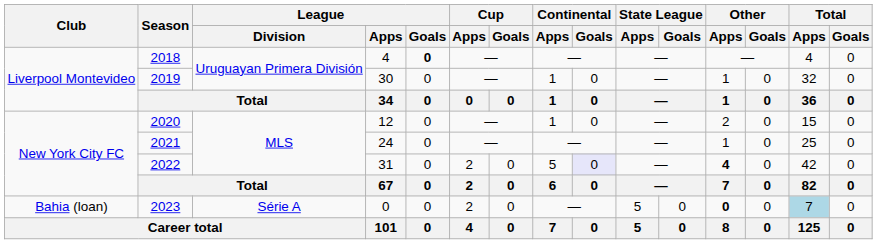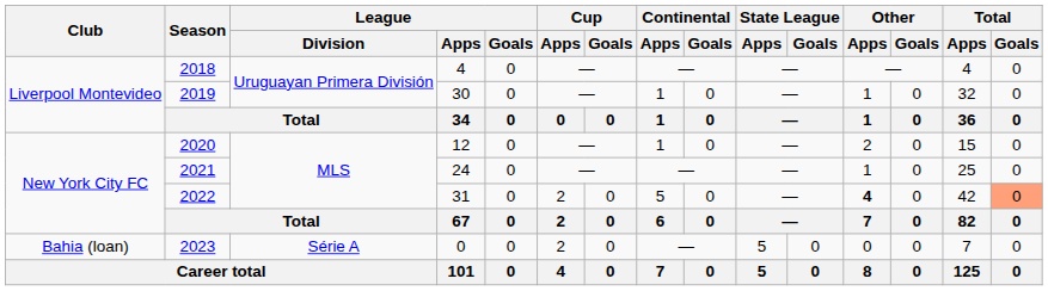 <table class="wikitable" Style="text-align: center">
 <tr>
 <th rowspan="2">Club</th>
 <th rowspan="2">Season</th>
 <th colspan="3">League</th>
 <th colspan="2">Cup</th>
 <th colspan="2">Continental</th>
 <th colspan="2">State League</th>
 <th colspan="2">Other</th>
 <th colspan="2">Total</th>
 </tr>
 <tr>
 <th>Division</th>
 <th>Apps</th>
 <th>Goals</th>
 <th>Apps</th>
 <th>Goals</th>
 <th>Apps</th>
 <th>Goals</th>
 <th>Apps</th>
 <th>Goals</th>
 <th>Apps</th>
 <th>Goals</th>
 <th>Apps</th>
 <th>Goals</th>
 </tr>
 <tr>
 <td rowspan="3"><a href='#'>Liverpool Montevideo</a></td>
 <td><a href='#'>2018</a></td>
 <td rowspan="2"><a href='#'>Uruguayan Primera División</a></td>
 <td>4</td>
-<td><strong>0</strong></td>
+<td>0</td>
 <td colspan="2">—</td>
 <td colspan="2">—</td>
 <td colspan="2">—</td>
 <td colspan="2">—</td>
 <td>4</td>
 <td>0</td>
 </tr>
 <tr>
 <td><a href='#'>2019</a></td>
 <td>30</td>
 <td>0</td>
 <td colspan="2">—</td>
 <td>1</td>
 <td>0</td>
 <td colspan="2">—</td>
 <td>1</td>
 <td>0</td>
 <td>32</td>
 <td>0</td>
 </tr>
 <tr>
 <th colspan="2">Total</th>
 <th>34</th>
 <th>0</th>
 <th>0</th>
 <th>0</th>
 <th>1</th>
 <th>0</th>
 <th colspan="2">—</th>
 <th>1</th>
 <th>0</th>
 <th>36</th>
 <th>0</th>
 </tr>
 <tr>
 <td rowspan="4"><a href='#'>New York City FC</a></td>
 <td><a href='#'>2020</a></td>
 <td rowspan="3"><a href='#'>MLS</a></td>
 <td>12</td>
 <td>0</td>
 <td colspan="2">—</td>
 <td>1</td>
 <td>0</td>
 <td colspan="2">—</td>
 <td>2</td>
 <td>0</td>
 <td>15</td>
 <td>0</td>
 </tr>
 <tr>
 <td><a href='#'>2021</a></td>
 <td>24</td>
 <td>0</td>
 <td colspan="2">—</td>
 <td colspan="2">—</td>
 <td colspan="2">—</td>
 <td>1</td>
 <td>0</td>
 <td>25</td>
 <td>0</td>
 </tr>
 <tr>
 <td><a href='#'>2022</a></td>
 <td>31</td>
 <td>0</td>
 <td>2</td>
 <td>0</td>
 <td>5</td>
-<td style="background: lavender;">0</td>
+<td>0</td>
 <td colspan="2">—</td>
 <td><strong>4</strong></td>
 <td>0</td>
 <td>42</td>
-<td>0</td>
+<td style="background: lightsalmon;">0</td>
 </tr>
 <tr>
 <th colspan="2">Total</th>
 <th>67</th>
 <th>0</th>
 <th>2</th>
 <th>0</th>
 <th>6</th>
 <th>0</th>
 <th colspan="2">—</th>
 <th>7</th>
 <th>0</th>
 <th>82</th>
 <th>0</th>
 </tr>
 <tr>
 <td><a href='#'>Bahia</a> (loan)</td>
 <td><a href='#'>2023</a></td>
 <td><a href='#'>Série A</a></td>
 <td>0</td>
 <td>0</td>
 <td>2</td>
 <td>0</td>
 <td colspan="2">—</td>
 <td>5</td>
 <td>0</td>
-<td><strong>0</strong></td>
 <td>0</td>
-<td style="background: lightblue;">7</td>
+<td>0</td>
+<td>7</td>
 <td>0</td>
 </tr>
 <tr>
 <th colspan="3">Career total</th>
 <th>101</th>
 <th>0</th>
 <th>4</th>
 <th>0</th>
 <th>7</th>
 <th>0</th>
 <th>5</th>
 <th>0</th>
 <th>8</th>
 <th>0</th>
 <th>125</th>
 <th>0</th>
 </tr>
 </table>
